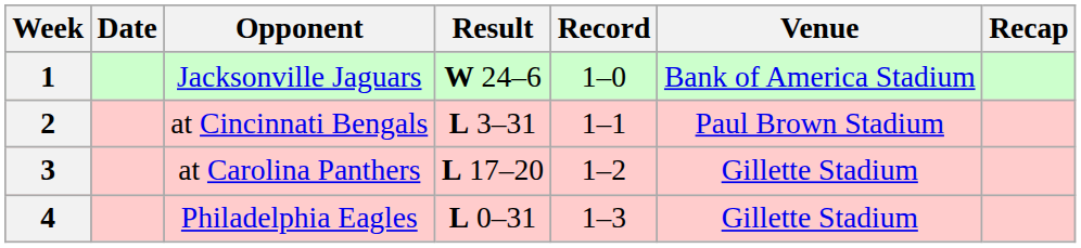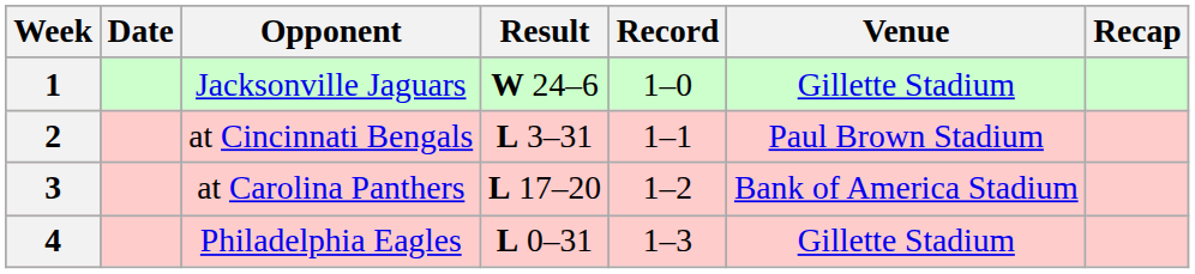 <table class="wikitable" style="text-align:center">
 <tr>
 <th>Week</th>
 <th>Date</th>
 <th>Opponent</th>
 <th>Result</th>
 <th>Record</th>
 <th>Venue</th>
 <th>Recap</th>
 </tr>
 <tr style="background: #cfc;">
 <th>1</th>
 <td></td>
 <td><a href='#'>Jacksonville Jaguars</a></td>
 <td><strong>W</strong> 24–6</td>
 <td>1–0</td>
-<td><a href='#'>Bank of America Stadium</a></td>
+<td><a href='#'>Gillette Stadium</a></td>
 <td></td>
 </tr>
 <tr style="background: #fcc;">
 <th>2</th>
 <td></td>
 <td>at <a href='#'>Cincinnati Bengals</a></td>
 <td><strong>L</strong> 3–31</td>
 <td>1–1</td>
 <td><a href='#'>Paul Brown Stadium</a></td>
 <td></td>
 </tr>
 <tr style="background: #fcc;">
 <th>3</th>
 <td></td>
 <td>at <a href='#'>Carolina Panthers</a></td>
 <td><strong>L</strong> 17–20</td>
 <td>1–2</td>
-<td><a href='#'>Gillette Stadium</a></td>
+<td><a href='#'>Bank of America Stadium</a></td>
 <td></td>
 </tr>
 <tr style="background: #fcc;">
 <th>4</th>
 <td></td>
 <td><a href='#'>Philadelphia Eagles</a></td>
 <td><strong>L</strong> 0–31</td>
 <td>1–3</td>
 <td><a href='#'>Gillette Stadium</a></td>
 <td></td>
 </tr>
 </table>
